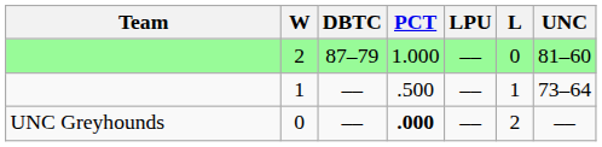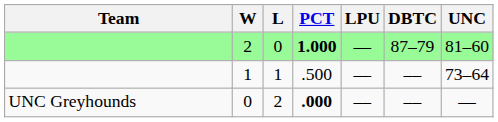 <table class=wikitable style="text-align:center;">
 <tr>
 <th width=200px>Team</th>
 <th width=20px>W</th>
-<th>DBTC</th>
+<th width=20px>L</th>
 <th width=30px><a href='#'>PCT</a></th>
 <th>LPU</th>
-<th width=20px>L</th>
+<th>DBTC</th>
 <th>UNC</th>
 </tr>
 <tr bgcolor="#98fb98">
 <td align=left></td>
 <td>2</td>
+<td>0</td>
+<td><strong>1.000</strong></td>
+<td>––</td>
 <td>87–79</td>
-<td>1.000</td>
-<td>––</td>
-<td>0</td>
 <td>81–60</td>
 </tr>
 <tr>
 <td align=left></td>
 <td>1</td>
-<td>––</td>
+<td>1</td>
 <td>.500</td>
 <td>––</td>
-<td>1</td>
+<td>––</td>
 <td>73–64</td>
 </tr>
 <tr>
 <td align=left>UNC Greyhounds</td>
 <td>0</td>
-<td>––</td>
+<td>2</td>
 <td><strong>.000</strong></td>
 <td>––</td>
-<td>2</td>
+<td>––</td>
 <td>––</td>
 </tr>
 </table>
